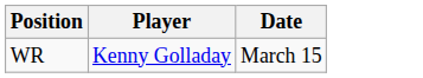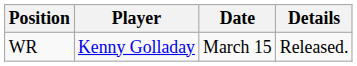 <table class="wikitable">
 <tr>
 <th>Position</th>
 <th>Player</th>
 <th>Date</th>
+<th>Details</th>
 </tr>
 <tr>
 <td>WR</td>
 <td><a href='#'>Kenny Golladay</a></td>
 <td>March 15</td>
+<td>Released.</td>
 </tr>
 </table>
